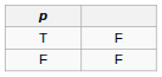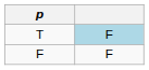 <table class="wikitable" style="margin:1em auto; text-align:center;">
 <tr>
 <th style="width:80px"><em>p</em></th>
 <th style="width:80px"></th>
 </tr>
 <tr>
 <td>T</td>
-<td>F</td>
+<td style="background: lightblue;">F</td>
 </tr>
 <tr>
 <td>F</td>
 <td>F</td>
 </tr>
 </table>
